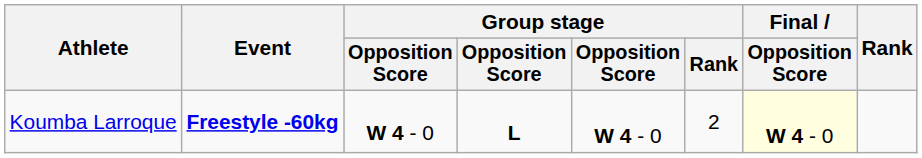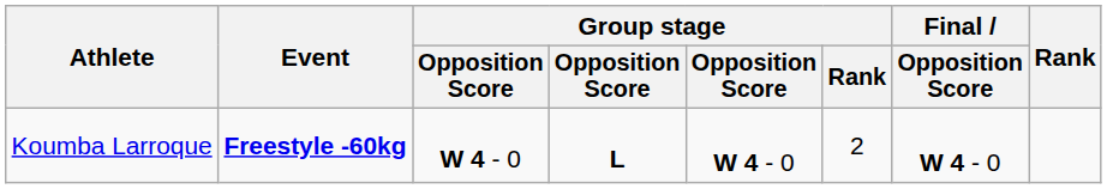 <table class="wikitable" style="font-size:90%">
 <tr>
 <th rowspan=2>Athlete</th>
 <th rowspan=2>Event</th>
 <th colspan=4>Group stage</th>
 <th>Final / </th>
 <th rowspan=2>Rank</th>
 </tr>
 <tr style="font-size:95%">
 <th>Opposition<br>Score</th>
 <th>Opposition<br>Score</th>
 <th>Opposition<br>Score</th>
 <th>Rank</th>
 <th>Opposition<br>Score</th>
 </tr>
 <tr align=center>
 <td align=left><a href='#'>Koumba Larroque</a></td>
 <td align=left><strong><a href='#'>Freestyle -60kg</a></strong></td>
 <td><br><strong>W</strong> <strong>4</strong> - 0</td>
 <td><br><strong>L</strong></td>
 <td><br><strong>W</strong> <strong>4</strong> - 0 <sup></sup></td>
 <td>2 </td>
-<td style="background: lightyellow;"><br><strong>W</strong> <strong>4</strong> - 0 <sup></sup></td>
+<td><br><strong>W</strong> <strong>4</strong> - 0 <sup></sup></td>
 <td></td>
 </tr>
 </table>
